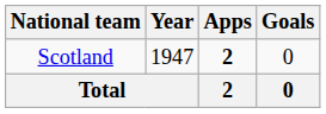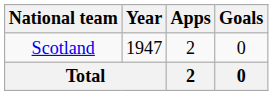 <table class="wikitable" style="text-align:center">
 <tr>
 <th>National team</th>
 <th>Year</th>
 <th>Apps</th>
 <th>Goals</th>
 </tr>
 <tr>
 <td><a href='#'>Scotland</a></td>
 <td>1947</td>
-<td><strong>2</strong></td>
+<td>2</td>
 <td>0</td>
 </tr>
 <tr>
 <th colspan="2">Total</th>
 <th>2</th>
 <th>0</th>
 </tr>
 </table>
